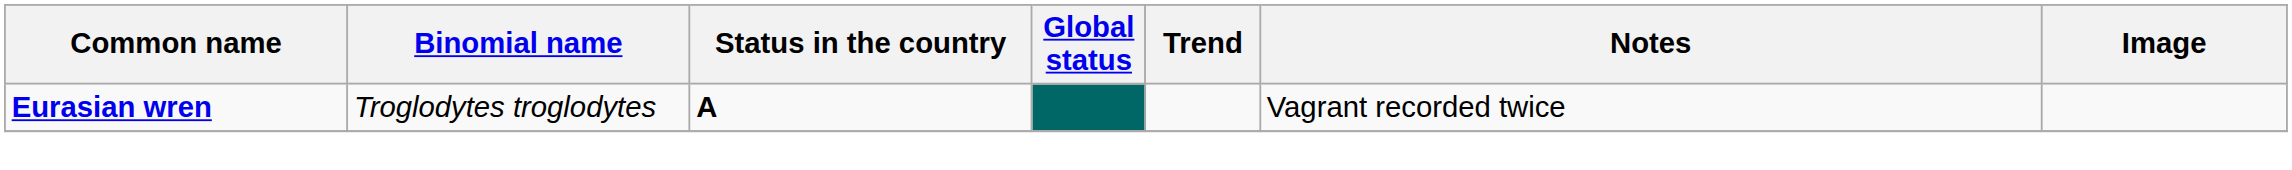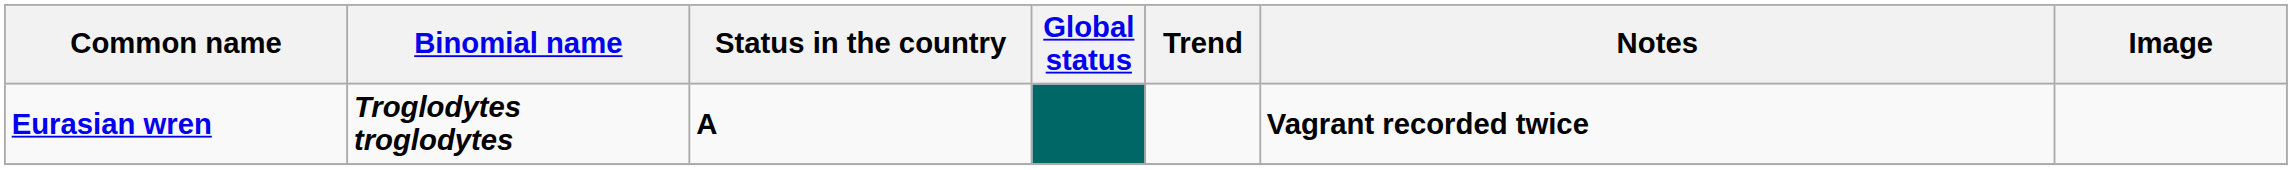 <table class="wikitable sortable">
 <tr>
 <th width="15%">Common name</th>
 <th width="15%"><a href='#'>Binomial name</a></th>
 <th data-sort-type="number" width="15%">Status in the country</th>
 <th width="5%"><a href='#'>Global status</a></th>
 <th width="5%">Trend</th>
 <th class="unsortable">Notes</th>
 <th class="unsortable">Image</th>
 </tr>
 <tr>
 <td><strong><a href='#'>Eurasian wren</a></strong></td>
-<td><em>Troglodytes troglodytes</em></td>
+<td><strong><em>Troglodytes troglodytes</em></strong></td>
 <td><strong>A</strong></td>
 <td align=center style="background: #006666"></td>
 <td align=center></td>
-<td>Vagrant recorded twice</td>
+<td><strong>Vagrant recorded twice</strong></td>
 <td></td>
 </tr>
 <tr>
 </tr>
 </table>
